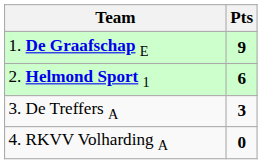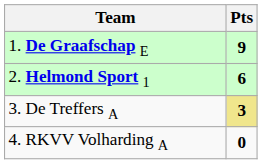 <table class="wikitable" style="text-align:center; float:left; margin-right:1em">
 <tr>
 <th style="width:200px">Team</th>
 <th width=20>Pts</th>
 </tr>
 <tr bgcolor=ccffcc>
 <td align=left>1. <strong><a href='#'>De Graafschap</a></strong> <sub>E</sub></td>
 <td><strong>9</strong></td>
 </tr>
 <tr bgcolor=ccffcc>
 <td align=left>2. <strong><a href='#'>Helmond Sport</a></strong> <sub>1</sub></td>
 <td><strong>6</strong></td>
 </tr>
 <tr>
 <td align=left>3. De Treffers <sub>A</sub></td>
-<td><strong>3</strong></td>
+<td style="background: khaki;"><strong>3</strong></td>
 </tr>
 <tr>
 <td align=left>4. RKVV Volharding <sub>A</sub></td>
 <td><strong>0</strong></td>
 </tr>
 </table>
